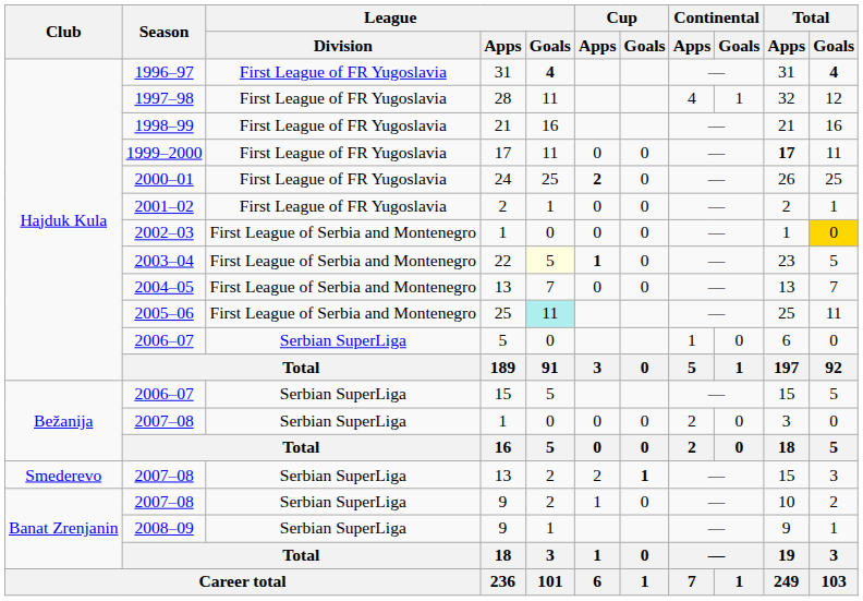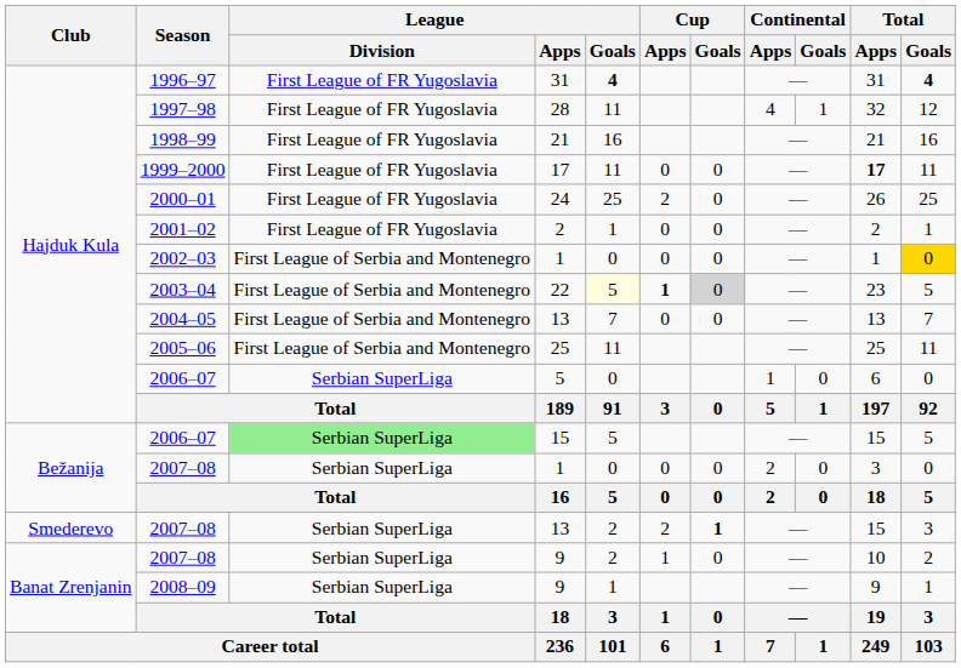 <table class="wikitable" style="text-align:center">
 <tr>
 <th rowspan="2">Club</th>
 <th rowspan="2">Season</th>
 <th colspan="3">League</th>
 <th colspan="2">Cup</th>
 <th colspan="2">Continental</th>
 <th colspan="2">Total</th>
 </tr>
 <tr>
 <th>Division</th>
 <th>Apps</th>
 <th>Goals</th>
 <th>Apps</th>
 <th>Goals</th>
 <th>Apps</th>
 <th>Goals</th>
 <th>Apps</th>
 <th>Goals</th>
 </tr>
 <tr>
 <td rowspan="12"><a href='#'>Hajduk Kula</a></td>
 <td><a href='#'>1996–97</a></td>
 <td><a href='#'>First League of FR Yugoslavia</a></td>
 <td>31</td>
 <td><strong>4</strong></td>
 <td></td>
 <td></td>
 <td colspan="2">—</td>
 <td>31</td>
 <td><strong>4</strong></td>
 </tr>
 <tr>
 <td><a href='#'>1997–98</a></td>
 <td>First League of FR Yugoslavia</td>
 <td>28</td>
 <td>11</td>
 <td></td>
 <td></td>
 <td>4</td>
 <td>1</td>
 <td>32</td>
 <td>12</td>
 </tr>
 <tr>
 <td><a href='#'>1998–99</a></td>
 <td>First League of FR Yugoslavia</td>
 <td>21</td>
 <td>16</td>
 <td></td>
 <td></td>
 <td colspan="2">—</td>
 <td>21</td>
 <td>16</td>
 </tr>
 <tr>
 <td><a href='#'>1999–2000</a></td>
 <td>First League of FR Yugoslavia</td>
 <td>17</td>
 <td>11</td>
 <td>0</td>
 <td>0</td>
 <td colspan="2">—</td>
 <td><strong>17</strong></td>
 <td>11</td>
 </tr>
 <tr>
 <td><a href='#'>2000–01</a></td>
 <td>First League of FR Yugoslavia</td>
 <td>24</td>
 <td>25</td>
-<td><strong>2</strong></td>
+<td>2</td>
 <td>0</td>
 <td colspan="2">—</td>
 <td>26</td>
 <td>25</td>
 </tr>
 <tr>
 <td><a href='#'>2001–02</a></td>
 <td>First League of FR Yugoslavia</td>
 <td>2</td>
 <td>1</td>
 <td>0</td>
 <td>0</td>
 <td colspan="2">—</td>
 <td>2</td>
 <td>1</td>
 </tr>
 <tr>
 <td><a href='#'>2002–03</a></td>
 <td>First League of Serbia and Montenegro</td>
 <td>1</td>
 <td>0</td>
 <td>0</td>
 <td>0</td>
 <td colspan="2">—</td>
 <td>1</td>
 <td style="background: gold;">0</td>
 </tr>
 <tr>
 <td><a href='#'>2003–04</a></td>
 <td>First League of Serbia and Montenegro</td>
 <td>22</td>
 <td style="background: lightyellow;">5</td>
 <td><strong>1</strong></td>
-<td>0</td>
+<td style="background: lightgrey;">0</td>
 <td colspan="2">—</td>
 <td>23</td>
 <td>5</td>
 </tr>
 <tr>
 <td><a href='#'>2004–05</a></td>
 <td>First League of Serbia and Montenegro</td>
 <td>13</td>
 <td>7</td>
 <td>0</td>
 <td>0</td>
 <td colspan="2">—</td>
 <td>13</td>
 <td>7</td>
 </tr>
 <tr>
 <td><a href='#'>2005–06</a></td>
 <td>First League of Serbia and Montenegro</td>
 <td>25</td>
-<td style="background: paleturquoise;">11</td>
+<td>11</td>
 <td></td>
 <td></td>
 <td colspan="2">—</td>
 <td>25</td>
 <td>11</td>
 </tr>
 <tr>
 <td><a href='#'>2006–07</a></td>
 <td><a href='#'>Serbian SuperLiga</a></td>
 <td>5</td>
 <td>0</td>
 <td></td>
 <td></td>
 <td>1</td>
 <td>0</td>
 <td>6</td>
 <td>0</td>
 </tr>
 <tr>
 <th colspan="2">Total</th>
 <th>189</th>
 <th>91</th>
 <th>3</th>
 <th>0</th>
 <th>5</th>
 <th>1</th>
 <th>197</th>
 <th>92</th>
 </tr>
 <tr>
 <td rowspan="3"><a href='#'>Bežanija</a></td>
 <td><a href='#'>2006–07</a></td>
-<td>Serbian SuperLiga</td>
+<td style="background: lightgreen;">Serbian SuperLiga</td>
 <td>15</td>
 <td>5</td>
 <td></td>
 <td></td>
 <td colspan="2">—</td>
 <td>15</td>
 <td>5</td>
 </tr>
 <tr>
 <td><a href='#'>2007–08</a></td>
 <td>Serbian SuperLiga</td>
 <td>1</td>
 <td>0</td>
 <td>0</td>
 <td>0</td>
 <td>2</td>
 <td>0</td>
 <td>3</td>
 <td>0</td>
 </tr>
 <tr>
 <th colspan="2">Total</th>
 <th>16</th>
 <th>5</th>
 <th>0</th>
 <th>0</th>
 <th>2</th>
 <th>0</th>
 <th>18</th>
 <th>5</th>
 </tr>
 <tr>
 <td><a href='#'>Smederevo</a></td>
 <td><a href='#'>2007–08</a></td>
 <td>Serbian SuperLiga</td>
 <td>13</td>
 <td>2</td>
 <td>2</td>
 <td><strong>1</strong></td>
 <td colspan="2">—</td>
 <td>15</td>
 <td>3</td>
 </tr>
 <tr>
 <td rowspan="3"><a href='#'>Banat Zrenjanin</a></td>
 <td><a href='#'>2007–08</a></td>
 <td>Serbian SuperLiga</td>
 <td>9</td>
 <td>2</td>
 <td>1</td>
 <td>0</td>
 <td colspan="2">—</td>
 <td>10</td>
 <td>2</td>
 </tr>
 <tr>
 <td><a href='#'>2008–09</a></td>
 <td>Serbian SuperLiga</td>
 <td>9</td>
 <td>1</td>
 <td></td>
 <td></td>
 <td colspan="2">—</td>
 <td>9</td>
 <td>1</td>
 </tr>
 <tr>
 <th colspan="2">Total</th>
 <th>18</th>
 <th>3</th>
 <th>1</th>
 <th>0</th>
 <th colspan="2">—</th>
 <th>19</th>
 <th>3</th>
 </tr>
 <tr>
 <th colspan="3">Career total</th>
 <th>236</th>
 <th>101</th>
 <th>6</th>
 <th>1</th>
 <th>7</th>
 <th>1</th>
 <th>249</th>
 <th>103</th>
 </tr>
 </table>
